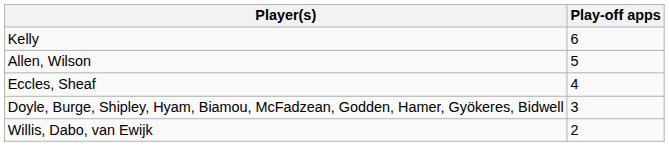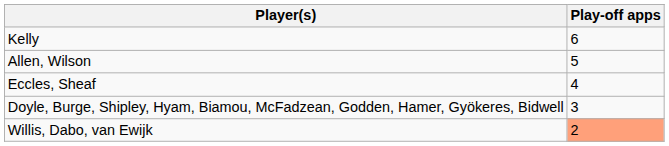 <table class="wikitable sortable">
 <tr>
 <th>Player(s)</th>
 <th>Play-off apps</th>
 </tr>
 <tr>
 <td>Kelly</td>
 <td>6</td>
 </tr>
 <tr>
 <td>Allen, Wilson</td>
 <td>5</td>
 </tr>
 <tr>
 <td>Eccles, Sheaf</td>
 <td>4</td>
 </tr>
 <tr>
 <td>Doyle, Burge, Shipley, Hyam, Biamou, McFadzean, Godden, Hamer, Gyökeres, Bidwell</td>
 <td>3</td>
 </tr>
 <tr>
 <td>Willis, Dabo, van Ewijk</td>
-<td>2</td>
+<td style="background: lightsalmon;">2</td>
 </tr>
 </table>
